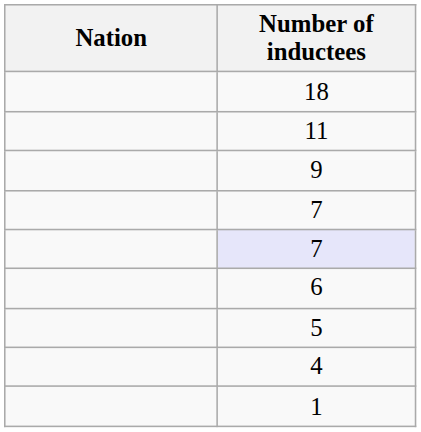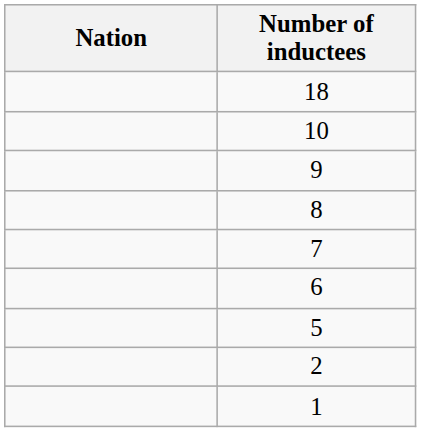 <table class="wikitable" style="text-align:center">
 <tr>
 <th width="130">Nation</th>
 <th width="120">Number of inductees</th>
 </tr>
 <tr>
 <td align=left></td>
 <td>18</td>
 </tr>
 <tr>
 <td align=left></td>
-<td>11</td>
+<td>10</td>
 </tr>
 <tr>
 <td align=left></td>
 <td>9</td>
 </tr>
 <tr>
 <td align=left></td>
-<td>7</td>
+<td>8</td>
 </tr>
 <tr>
 <td align=left></td>
-<td style="background: lavender;">7</td>
+<td>7</td>
 </tr>
 <tr>
 <td align=left></td>
 <td>6</td>
 </tr>
 <tr>
 <td align=left></td>
 <td>5</td>
 </tr>
 <tr>
 <td align=left></td>
-<td>4</td>
+<td>2</td>
 </tr>
 <tr>
 <td align=left></td>
 <td>1</td>
 </tr>
 </table>
